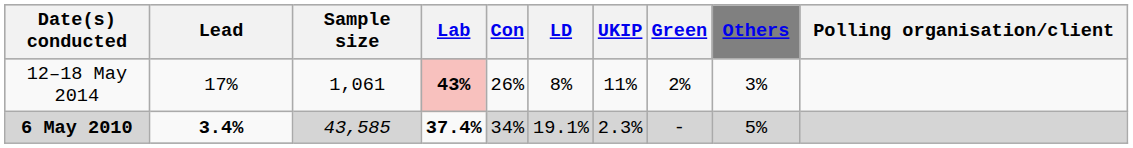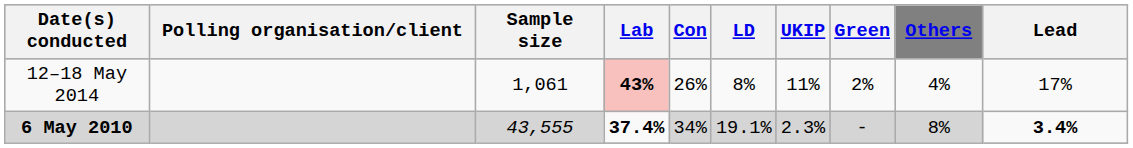 <table class="wikitable sortable" style="text-align:center;font-size:90%;line-height:14px">
 <tr>
 <th ! style="width:85px;">Date(s)<br>conducted</th>
-<th class="unsortable" style="width:85px;">Lead</th>
+<th style="width:200px;">Polling organisation/client</th>
 <th class="unsortable" style="width:75px;">Sample size</th>
 <th class="unsortable" style="background:"><a href='#'><span>Lab</span></a></th>
 <th class="unsortable" style="background:"><a href='#'><span>Con</span></a></th>
 <th class="unsortable" style="background:"><a href='#'><span>LD</span></a></th>
 <th class="unsortable" style="background:"><a href='#'><span>UKIP</span></a></th>
 <th class="unsortable" style="background:"><a href='#'><span>Green</span></a></th>
 <th class="unsortable" style="background:gray; width:50px;"><a href='#'><span>Others</span></a></th>
-<th style="width:200px;">Polling organisation/client</th>
+<th class="unsortable" style="width:85px;">Lead</th>
 </tr>
 <tr>
 <td>12–18 May 2014</td>
-<td style="background:">17%</td>
+<td></td>
 <td>1,061</td>
 <td style="background:#F8C1BE"><strong>43%</strong></td>
 <td>26%</td>
 <td>8%</td>
 <td>11%</td>
 <td>2%</td>
-<td>3%</td>
-<td></td>
+<td>4%</td>
+<td style="background:">17%</td>
 </tr>
 <tr>
 <td style="background:#D5D5D5"><strong>6 May 2010</strong></td>
-<td style="background:"><strong>3.4% </strong></td>
-<td style="background:#D5D5D5"><em>43,585</em></td>
+<td style="background:#D5D5D5"></td>
+<td style="background:#D5D5D5"><em>43,555</em></td>
 <td style="background:"><strong>37.4%</strong></td>
 <td style="background:#D5D5D5">34%</td>
 <td style="background:#D5D5D5">19.1%</td>
 <td style="background:#D5D5D5">2.3%</td>
 <td style="background:#D5D5D5">-</td>
-<td style="background:#D5D5D5">5%</td>
-<td style="background:#D5D5D5"></td>
+<td style="background:#D5D5D5">8%</td>
+<td style="background:"><strong>3.4% </strong></td>
 </tr>
 </table>
